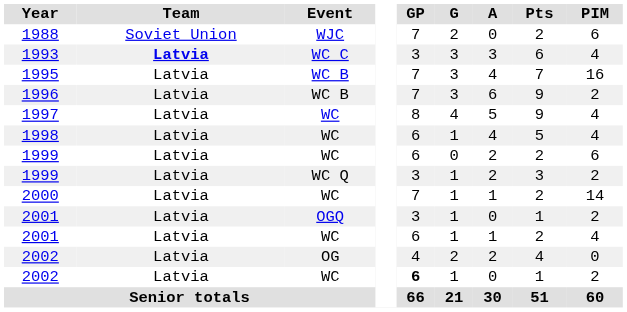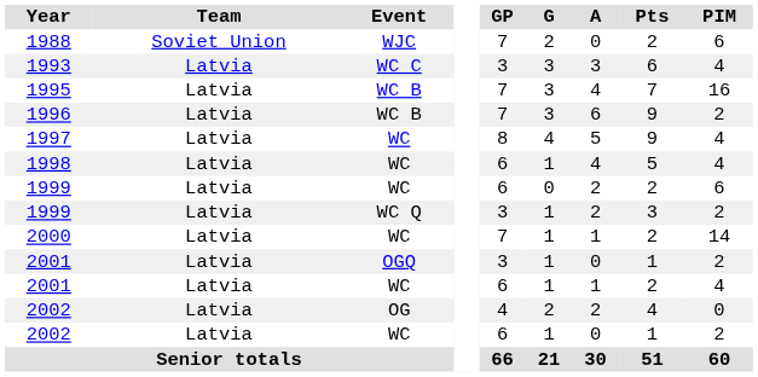 <table border="0" cellpadding="1" cellspacing="0" style="text-align:center; width:40em">
 <tr ALIGN="center" bgcolor="#e0e0e0">
 <th>Year</th>
 <th>Team</th>
 <th>Event</th>
 <th rowspan="99" bgcolor="#ffffff"> </th>
 <th>GP</th>
 <th>G</th>
 <th>A</th>
 <th>Pts</th>
 <th>PIM</th>
 </tr>
 <tr>
 <td><a href='#'>1988</a></td>
 <td><a href='#'>Soviet Union</a></td>
 <td><a href='#'>WJC</a></td>
 <td>7</td>
 <td>2</td>
 <td>0</td>
 <td>2</td>
 <td>6</td>
 </tr>
 <tr bgcolor="#f0f0f0">
 <td><a href='#'>1993</a></td>
-<td><strong><a href='#'>Latvia</a></strong></td>
+<td><a href='#'>Latvia</a></td>
 <td><a href='#'>WC C</a></td>
 <td>3</td>
 <td>3</td>
 <td>3</td>
 <td>6</td>
 <td>4</td>
 </tr>
 <tr>
 <td><a href='#'>1995</a></td>
 <td>Latvia</td>
 <td><a href='#'>WC B</a></td>
 <td>7</td>
 <td>3</td>
 <td>4</td>
 <td>7</td>
 <td>16</td>
 </tr>
 <tr bgcolor="#f0f0f0">
 <td><a href='#'>1996</a></td>
 <td>Latvia</td>
 <td>WC B</td>
 <td>7</td>
 <td>3</td>
 <td>6</td>
 <td>9</td>
 <td>2</td>
 </tr>
 <tr>
 <td><a href='#'>1997</a></td>
 <td>Latvia</td>
 <td><a href='#'>WC</a></td>
 <td>8</td>
 <td>4</td>
 <td>5</td>
 <td>9</td>
 <td>4</td>
 </tr>
 <tr bgcolor="#f0f0f0">
 <td><a href='#'>1998</a></td>
 <td>Latvia</td>
 <td>WC</td>
 <td>6</td>
 <td>1</td>
 <td>4</td>
 <td>5</td>
 <td>4</td>
 </tr>
 <tr>
 <td><a href='#'>1999</a></td>
 <td>Latvia</td>
 <td>WC</td>
 <td>6</td>
 <td>0</td>
 <td>2</td>
 <td>2</td>
 <td>6</td>
 </tr>
 <tr bgcolor="#f0f0f0">
 <td><a href='#'>1999</a></td>
 <td>Latvia</td>
 <td>WC Q</td>
 <td>3</td>
 <td>1</td>
 <td>2</td>
 <td>3</td>
 <td>2</td>
 </tr>
 <tr>
 <td><a href='#'>2000</a></td>
 <td>Latvia</td>
 <td>WC</td>
 <td>7</td>
 <td>1</td>
 <td>1</td>
 <td>2</td>
 <td>14</td>
 </tr>
 <tr bgcolor="#f0f0f0">
 <td><a href='#'>2001</a></td>
 <td>Latvia</td>
 <td><a href='#'>OGQ</a></td>
 <td>3</td>
 <td>1</td>
 <td>0</td>
 <td>1</td>
 <td>2</td>
 </tr>
 <tr>
 <td><a href='#'>2001</a></td>
 <td>Latvia</td>
 <td>WC</td>
 <td>6</td>
 <td>1</td>
 <td>1</td>
 <td>2</td>
 <td>4</td>
 </tr>
 <tr bgcolor="#f0f0f0">
 <td><a href='#'>2002</a></td>
 <td>Latvia</td>
 <td>OG</td>
 <td>4</td>
 <td>2</td>
 <td>2</td>
 <td>4</td>
 <td>0</td>
 </tr>
 <tr>
 <td><a href='#'>2002</a></td>
 <td>Latvia</td>
 <td>WC</td>
-<td><strong>6</strong></td>
+<td>6</td>
 <td>1</td>
 <td>0</td>
 <td>1</td>
 <td>2</td>
 </tr>
 <tr bgcolor="#e0e0e0">
 <th colspan=3>Senior totals</th>
 <th>66</th>
 <th>21</th>
 <th>30</th>
 <th>51</th>
 <th>60</th>
 </tr>
 </table>
